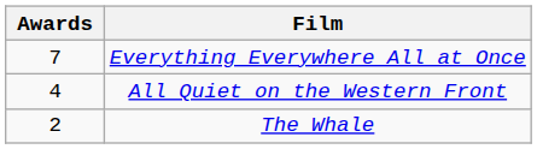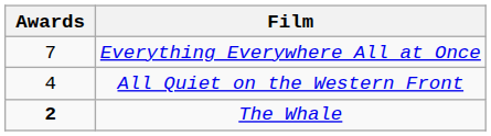 <table class="wikitable plainrowheaders" style="text-align: center; float:left; margin-right:1em;">
 <tr>
 <th scope="col" style="width:55px;">Awards</th>
 <th scope="col" style="text-align:center;">Film</th>
 </tr>
 <tr>
 <td>7</td>
 <td><em><a href='#'>Everything Everywhere All at Once</a></em></td>
 </tr>
 <tr>
 <td>4</td>
 <td><em><a href='#'>All Quiet on the Western Front</a></em></td>
 </tr>
 <tr>
-<td>2</td>
+<td><strong>2</strong></td>
 <td><em><a href='#'>The Whale</a></em></td>
 </tr>
 </table>
